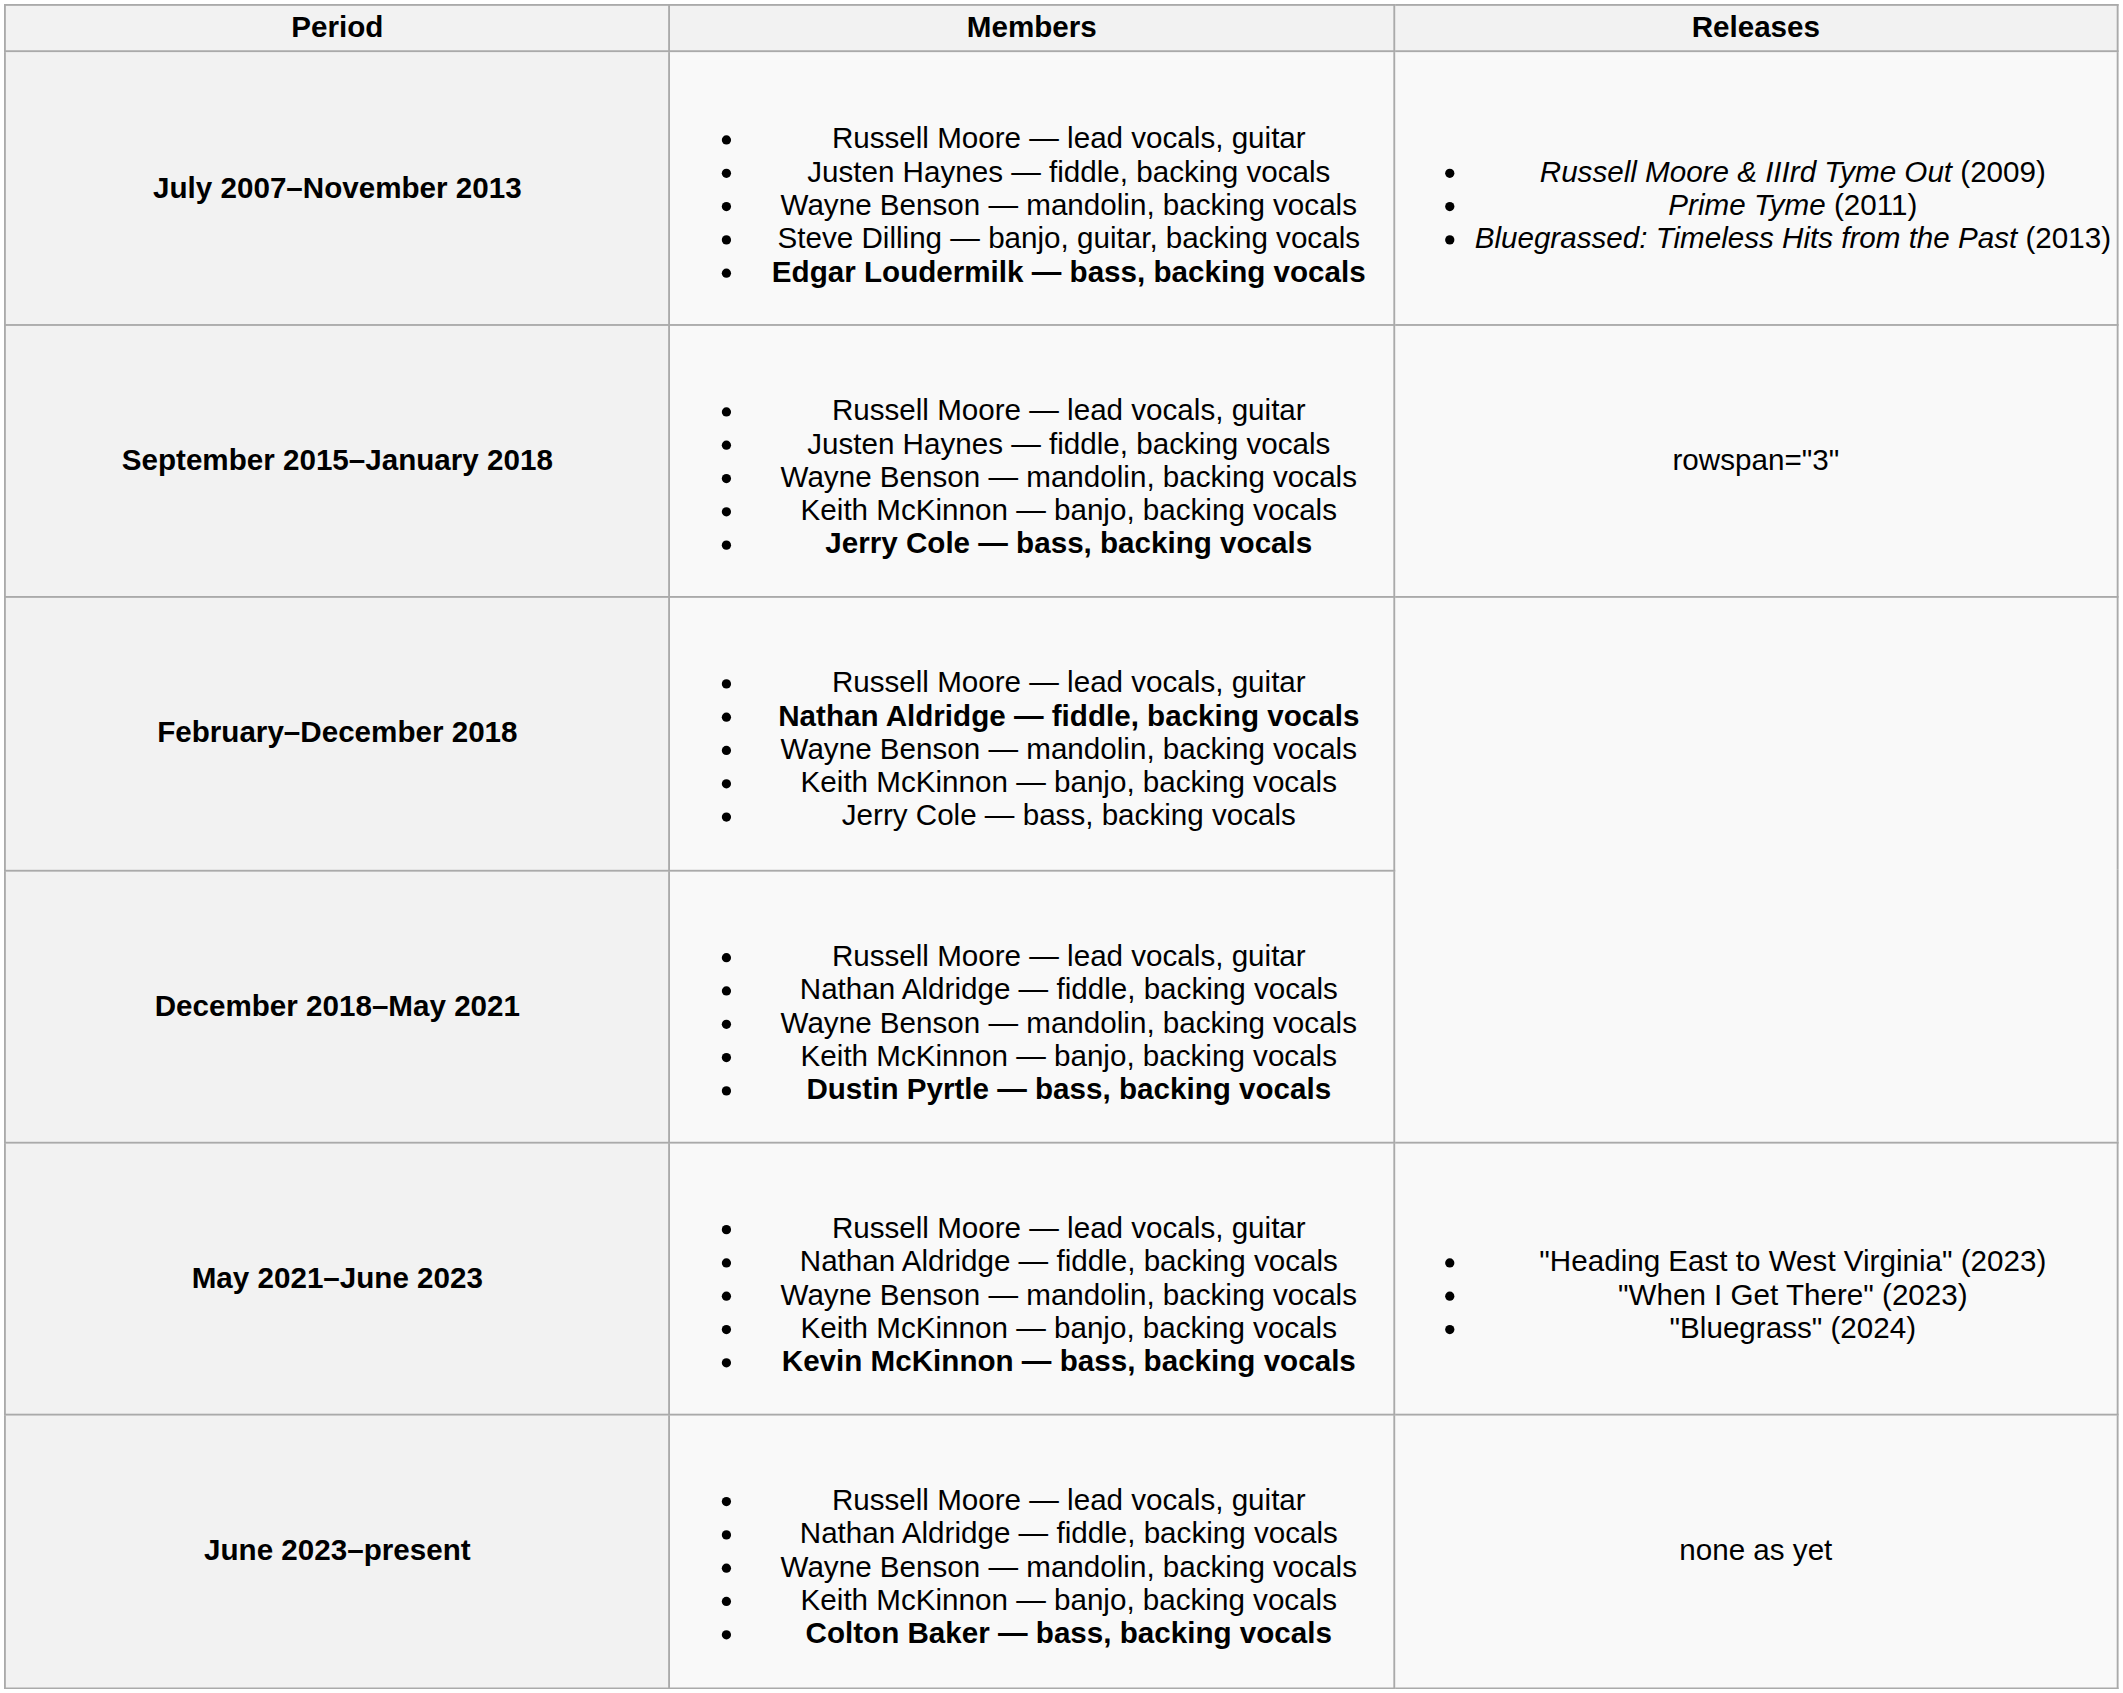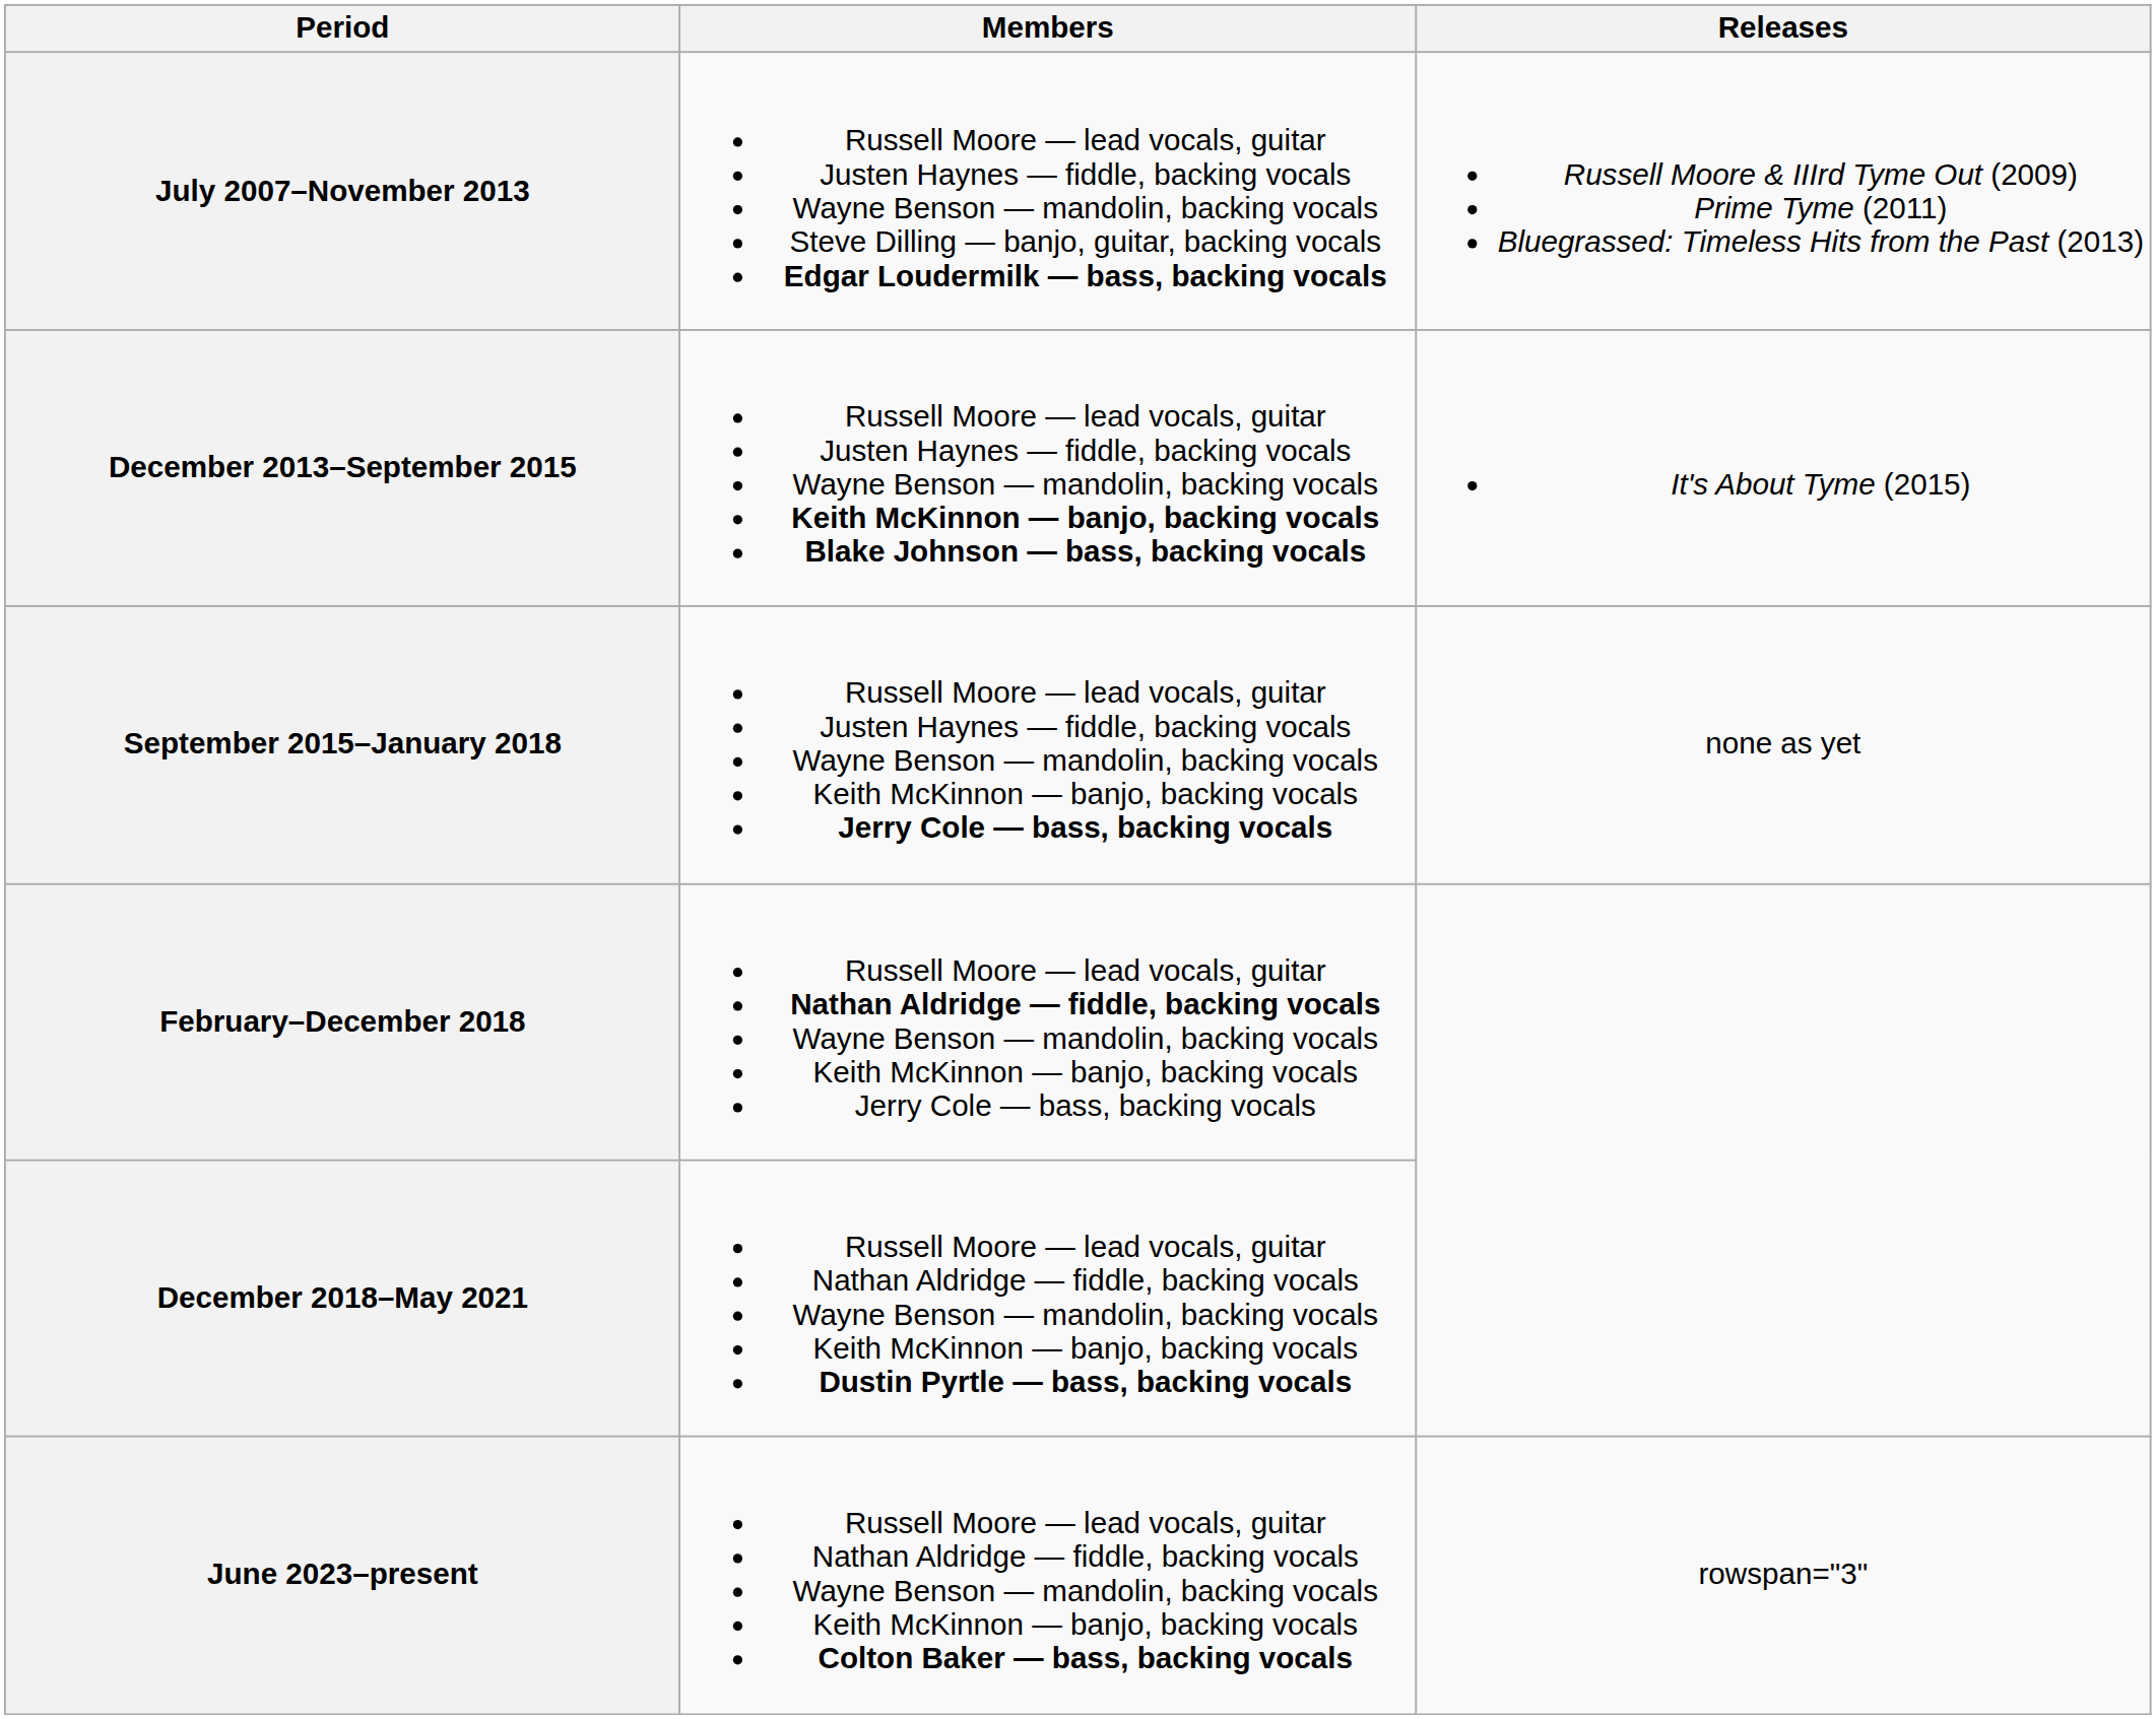 <table class="wikitable plainrowheaders" style="text-align:center;">
 <tr>
 <th scope="col" style="width:22em;">Period</th>
 <th scope="col" style="width:24em;">Members</th>
 <th scope="col" style="width:24em;">Releases</th>
 </tr>
 <tr>
 <th scope="col">July 2007–November 2013</th>
 <td><br><ul><li>Russell Moore — lead vocals, guitar</li><li>Justen Haynes — fiddle, backing vocals</li><li>Wayne Benson — mandolin, backing vocals</li><li>Steve Dilling — banjo, guitar, backing vocals</li><li><strong>Edgar Loudermilk — bass, backing vocals</strong></li></ul></td>
 <td><br><ul><li><em>Russell Moore & IIIrd Tyme Out</em> (2009)</li><li><em>Prime Tyme</em> (2011)</li><li><em>Bluegrassed: Timeless Hits from the Past</em> (2013)</li></ul></td>
 </tr>
 <tr>
+<th scope="col">December 2013–September 2015</th>
+<td><br><ul><li>Russell Moore — lead vocals, guitar</li><li>Justen Haynes — fiddle, backing vocals</li><li>Wayne Benson — mandolin, backing vocals</li><li><strong>Keith McKinnon — banjo, backing vocals</strong></li><li><strong>Blake Johnson — bass, backing vocals</strong></li></ul></td>
+<td><br><ul><li><em>It's About Tyme</em> (2015)</li></ul></td>
+</tr>
+<tr>
 <th scope="col">September 2015–January 2018</th>
 <td><br><ul><li>Russell Moore — lead vocals, guitar</li><li>Justen Haynes — fiddle, backing vocals</li><li>Wayne Benson — mandolin, backing vocals</li><li>Keith McKinnon — banjo, backing vocals</li><li><strong>Jerry Cole — bass, backing vocals</strong></li></ul></td>
-<td>rowspan="3" </td>
+<td>none as yet</td>
 </tr>
 <tr>
 <th scope="col">February–December 2018</th>
 <td><br><ul><li>Russell Moore — lead vocals, guitar</li><li><strong>Nathan Aldridge — fiddle, backing vocals</strong></li><li>Wayne Benson — mandolin, backing vocals</li><li>Keith McKinnon — banjo, backing vocals</li><li>Jerry Cole — bass, backing vocals</li></ul></td>
 </tr>
 <tr>
 <th scope="col">December 2018–May 2021</th>
 <td><br><ul><li>Russell Moore — lead vocals, guitar</li><li>Nathan Aldridge — fiddle, backing vocals</li><li>Wayne Benson — mandolin, backing vocals</li><li>Keith McKinnon — banjo, backing vocals</li><li><strong>Dustin Pyrtle — bass, backing vocals</strong></li></ul></td>
 </tr>
 <tr>
-<th scope="col">May 2021–June 2023</th>
-<td><br><ul><li>Russell Moore — lead vocals, guitar</li><li>Nathan Aldridge — fiddle, backing vocals</li><li>Wayne Benson — mandolin, backing vocals</li><li>Keith McKinnon — banjo, backing vocals</li><li><strong>Kevin McKinnon — bass, backing vocals</strong></li></ul></td>
-<td><br><ul><li>"Heading East to West Virginia" (2023)</li><li>"When I Get There" (2023)</li><li>"Bluegrass" (2024)</li></ul></td>
-</tr>
-<tr>
 <th scope="col">June 2023–present</th>
 <td><br><ul><li>Russell Moore — lead vocals, guitar</li><li>Nathan Aldridge — fiddle, backing vocals</li><li>Wayne Benson — mandolin, backing vocals</li><li>Keith McKinnon — banjo, backing vocals</li><li><strong>Colton Baker — bass, backing vocals</strong></li></ul></td>
-<td>none as yet</td>
+<td>rowspan="3" </td>
 </tr>
 </table>
